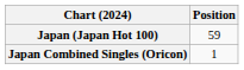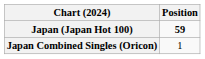 <table class="wikitable sortable plainrowheaders" style="text-align:center">
 <tr>
 <th scope="col">Chart (2024)</th>
 <th scope="col">Position</th>
 </tr>
 <tr>
 <th scope="row">Japan (Japan Hot 100)</th>
-<td>59</td>
+<td><strong>59</strong></td>
 </tr>
 <tr>
 <th scope="row">Japan Combined Singles (Oricon)</th>
 <td>1</td>
 </tr>
 </table>
